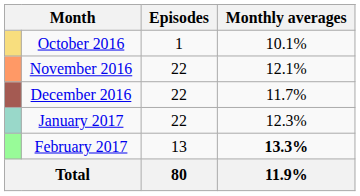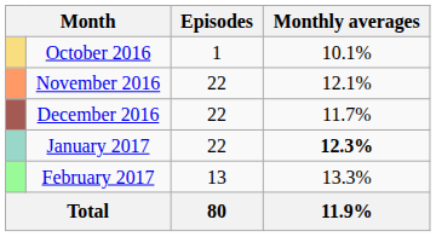 <table class="wikitable plainrowheaders" style="text-align: center; line-height:25px;">
 <tr class="wikitable" style="text-align: center;">
 <th colspan="2" rowspan="2" style="padding: 0 8px;">Month</th>
 <th rowspan="2" style="padding: 0 8px;">Episodes</th>
 </tr>
 <tr>
 <th style="padding: 0 8px;">Monthly averages</th>
 </tr>
 <tr>
 <td style="padding: 0 8px; background:#F8DE7E;"></td>
 <td style="padding: 0 8px;" '><a href='#'>October 2016</a></td>
 <td style="padding: 0 8px;">1</td>
 <td style="padding: 0 8px;">10.1%</td>
 </tr>
 <tr>
 <td style="padding: 0 8px; background:#FF9966;"></td>
 <td style="padding: 0 8px;" '><a href='#'>November 2016</a></td>
 <td style="padding: 0 8px;">22</td>
 <td style="padding: 0 8px;">12.1%</td>
 </tr>
 <tr>
 <td style="padding: 0 8px; background:#A45A52;"></td>
 <td style="padding: 0 8px;" '><a href='#'>December 2016</a></td>
 <td style="padding: 0 8px;">22</td>
 <td style="padding: 0 8px;">11.7%</td>
 </tr>
 <tr>
 <td style="padding: 0 8px; background:#99D8C9;"></td>
 <td style="padding: 0 8px;" '><a href='#'>January 2017</a></td>
 <td style="padding: 0 8px;">22</td>
-<td style="padding: 0 8px;">12.3%</td>
+<td style="padding: 0 8px;"><strong>12.3%</strong></td>
 </tr>
 <tr>
 <td style="padding: 0 8px; background:#98FB98;"></td>
 <td style="padding: 0 8px;" '><a href='#'>February 2017</a></td>
 <td style="padding: 0 8px;">13</td>
-<td style="padding: 0 8px;"><strong>13.3%</strong></td>
+<td style="padding: 0 8px;">13.3%</td>
 </tr>
 <tr>
 <th colspan="2">Total</th>
 <th colspan="1">80</th>
 <th colspan="2">11.9%</th>
 </tr>
 </table>
